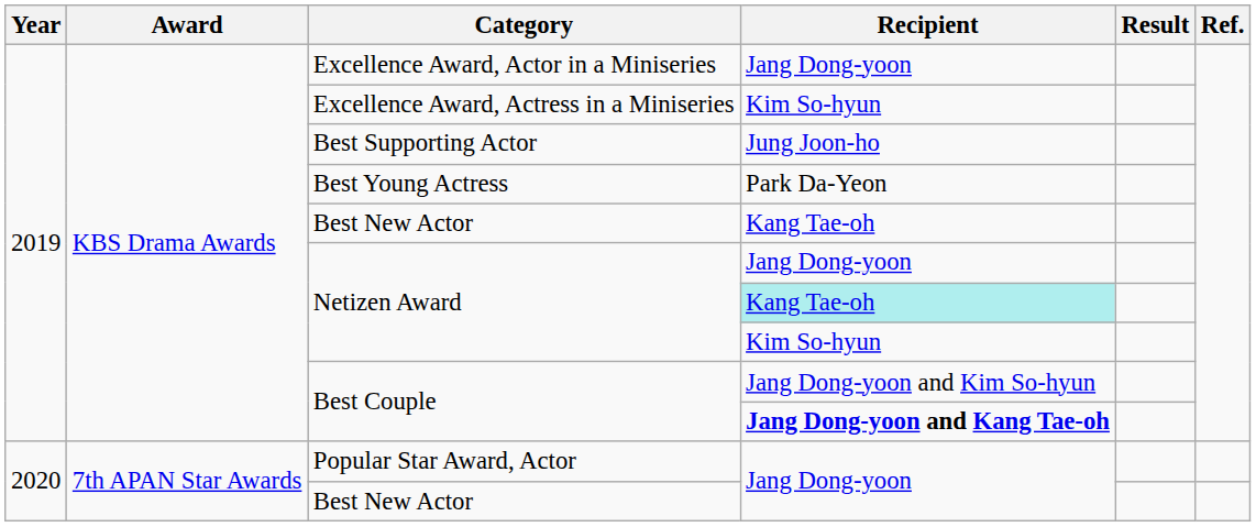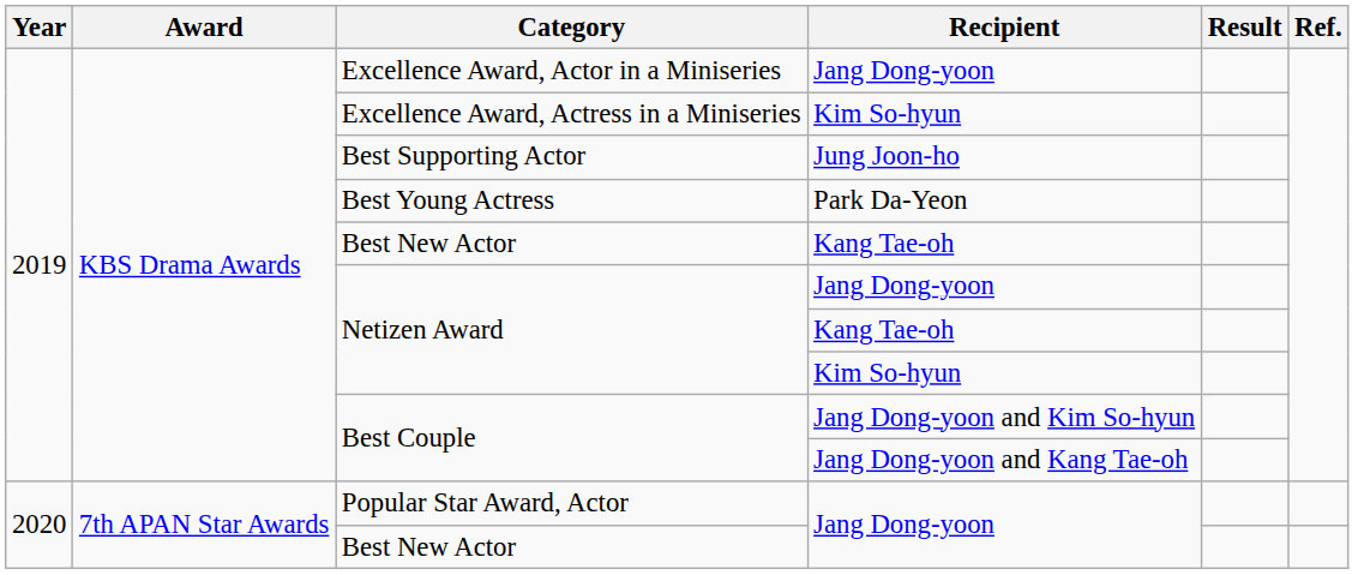 <table class="wikitable">
 <tr>
 <th>Year</th>
 <th>Award</th>
 <th>Category</th>
 <th>Recipient</th>
 <th>Result</th>
 <th>Ref.</th>
 </tr>
 <tr>
 <td rowspan="10">2019</td>
 <td rowspan="10"><a href='#'>KBS Drama Awards</a></td>
 <td>Excellence Award, Actor in a Miniseries</td>
 <td><a href='#'>Jang Dong-yoon</a></td>
 <td></td>
 <td rowspan="10"></td>
 </tr>
 <tr>
 <td>Excellence Award, Actress in a Miniseries</td>
 <td><a href='#'>Kim So-hyun</a></td>
 <td></td>
 </tr>
 <tr>
 <td>Best Supporting Actor</td>
 <td><a href='#'>Jung Joon-ho</a></td>
 <td></td>
 </tr>
 <tr>
 <td>Best Young Actress</td>
 <td>Park Da-Yeon</td>
 <td></td>
 </tr>
 <tr>
 <td>Best New Actor</td>
 <td><a href='#'>Kang Tae-oh</a></td>
 <td></td>
 </tr>
 <tr>
 <td rowspan="3">Netizen Award</td>
 <td><a href='#'>Jang Dong-yoon</a></td>
 <td></td>
 </tr>
 <tr>
-<td style="background: paleturquoise;"><a href='#'>Kang Tae-oh</a></td>
+<td><a href='#'>Kang Tae-oh</a></td>
 <td></td>
 </tr>
 <tr>
 <td><a href='#'>Kim So-hyun</a></td>
 <td></td>
 </tr>
 <tr>
 <td rowspan="2">Best Couple</td>
 <td><a href='#'>Jang Dong-yoon</a> and <a href='#'>Kim So-hyun</a></td>
 <td></td>
 </tr>
 <tr>
-<td><strong><a href='#'>Jang Dong-yoon</a> and <a href='#'>Kang Tae-oh</a></strong></td>
+<td><a href='#'>Jang Dong-yoon</a> and <a href='#'>Kang Tae-oh</a></td>
 <td></td>
 </tr>
 <tr>
 <td rowspan="2">2020</td>
 <td rowspan="2"><a href='#'>7th APAN Star Awards</a></td>
 <td>Popular Star Award, Actor</td>
 <td rowspan="2"><a href='#'>Jang Dong-yoon</a></td>
 <td></td>
 <td></td>
 </tr>
 <tr>
 <td>Best New Actor</td>
 <td></td>
 <td></td>
 </tr>
 </table>
